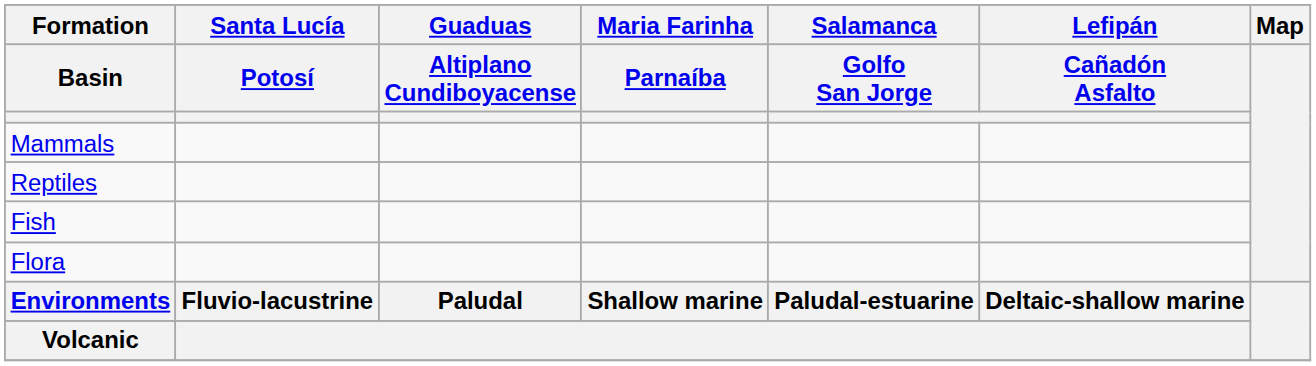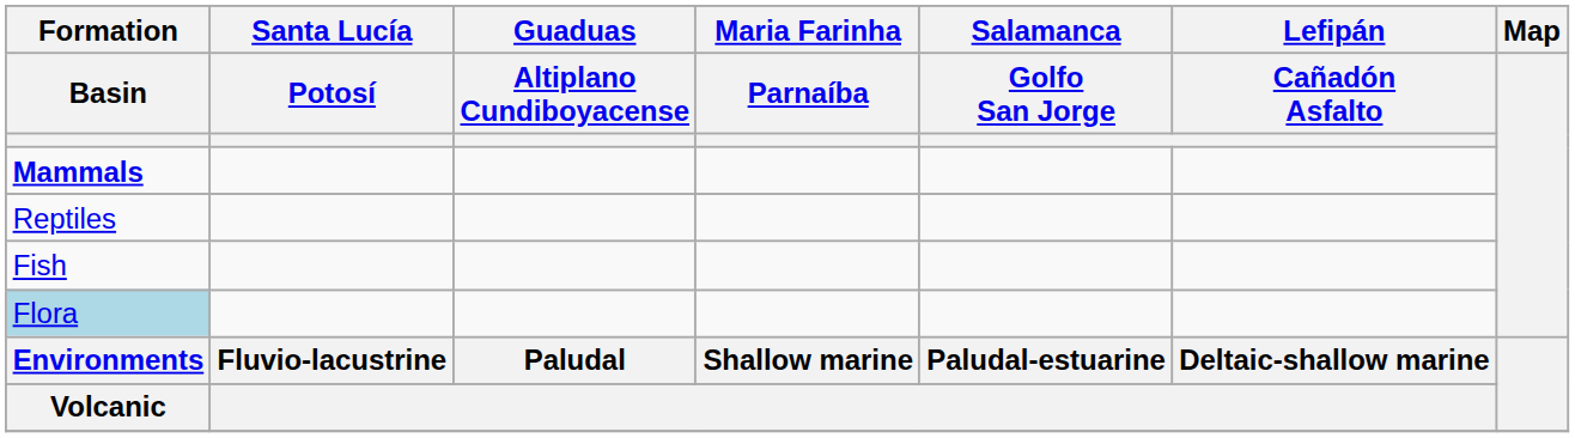 <table class="wikitable" style="font-size: 80%">
 <tr>
 <th>Formation</th>
 <th><a href='#'>Santa Lucía</a></th>
 <th><a href='#'>Guaduas</a></th>
 <th><a href='#'>Maria Farinha</a></th>
 <th><a href='#'>Salamanca</a></th>
 <th><a href='#'>Lefipán</a></th>
 <th>Map</th>
 </tr>
 <tr>
 <th>Basin</th>
 <th><a href='#'>Potosí</a></th>
 <th><a href='#'>Altiplano<br>Cundiboyacense</a></th>
 <th><a href='#'>Parnaíba</a></th>
 <th><a href='#'>Golfo<br>San Jorge</a></th>
 <th><a href='#'>Cañadón<br>Asfalto</a></th>
 <th align=center rowspan=6></th>
 </tr>
 <tr>
 <th></th>
 <th></th>
 <th></th>
 <th></th>
 <th colspan=2></th>
 </tr>
 <tr>
-<td><a href='#'>Mammals</a></td>
+<td><strong><a href='#'>Mammals</a></strong></td>
 <td align=center></td>
 <td align=center></td>
 <td align=center></td>
 <td align=center></td>
 <td align=center></td>
 </tr>
 <tr>
 <td><a href='#'>Reptiles</a></td>
 <td align=center></td>
 <td align=center></td>
 <td align=center></td>
 <td align=center></td>
 <td align=center></td>
 </tr>
 <tr>
 <td><a href='#'>Fish</a></td>
 <td align=center></td>
 <td align=center></td>
 <td align=center></td>
 <td align=center></td>
 <td align=center></td>
 </tr>
 <tr>
-<td><a href='#'>Flora</a></td>
+<td style="background: lightblue;"><a href='#'>Flora</a></td>
 <td align=center></td>
 <td align=center></td>
 <td align=center></td>
 <td align=center></td>
 <td align=center></td>
 </tr>
 <tr>
 <th><a href='#'>Environments</a></th>
 <th>Fluvio-lacustrine</th>
 <th>Paludal</th>
 <th>Shallow marine</th>
 <th>Paludal-estuarine</th>
 <th>Deltaic-shallow marine</th>
 <th rowspan=2 align=left><br><br></th>
 </tr>
 <tr>
 <th>Volcanic</th>
 <th colspan=5></th>
 </tr>
 <tr>
 </tr>
 </table>
